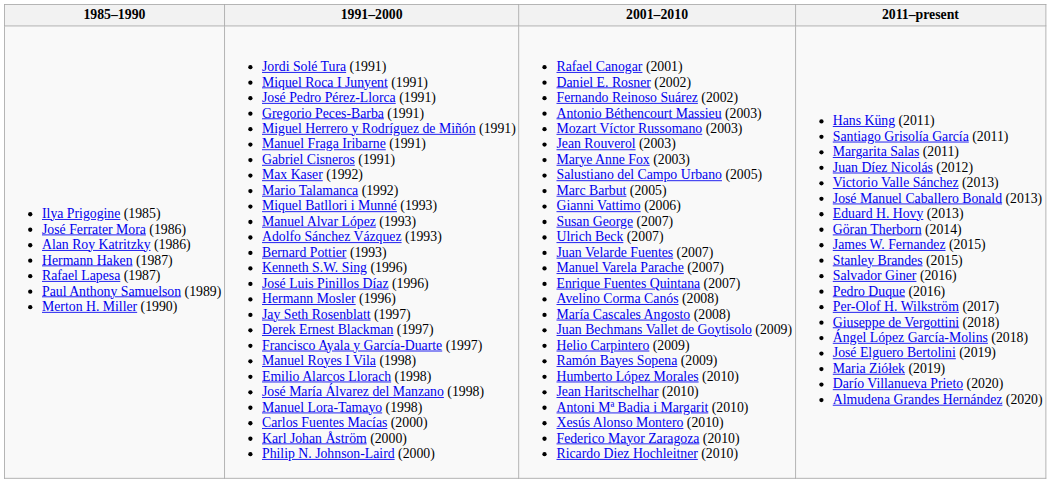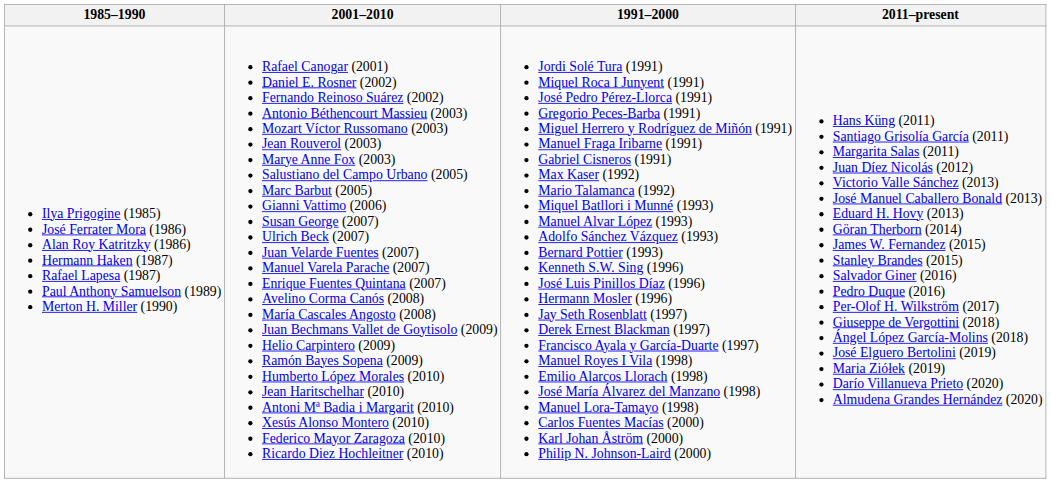 <table class="wikitable">
 <tr>
 <th>1985–1990</th>
+<th>2001–2010</th>
 <th>1991–2000</th>
-<th>2001–2010</th>
 <th>2011–present</th>
 </tr>
 <tr>
 <td><br><ul><li><a href='#'>Ilya Prigogine</a> (1985)</li><li><a href='#'>José Ferrater Mora</a> (1986)</li><li><a href='#'>Alan Roy Katritzky</a> (1986)</li><li><a href='#'>Hermann Haken</a> (1987)</li><li><a href='#'>Rafael Lapesa</a> (1987)</li><li><a href='#'>Paul Anthony Samuelson</a> (1989)</li><li><a href='#'>Merton H. Miller</a> (1990)</li></ul></td>
+<td><br><ul><li><a href='#'>Rafael Canogar</a> (2001)</li><li><a href='#'>Daniel E. Rosner</a> (2002)</li><li><a href='#'>Fernando Reinoso Suárez</a> (2002)</li><li><a href='#'>Antonio Béthencourt Massieu</a> (2003)</li><li><a href='#'>Mozart Víctor Russomano</a> (2003)</li><li><a href='#'>Jean Rouverol</a> (2003)</li><li><a href='#'>Marye Anne Fox</a> (2003)</li><li><a href='#'>Salustiano del Campo Urbano</a> (2005)</li><li><a href='#'>Marc Barbut</a> (2005)</li><li><a href='#'>Gianni Vattimo</a> (2006)</li><li><a href='#'>Susan George</a> (2007)</li><li><a href='#'>Ulrich Beck</a> (2007)</li><li><a href='#'>Juan Velarde Fuentes</a> (2007)</li><li><a href='#'>Manuel Varela Parache</a> (2007)</li><li><a href='#'>Enrique Fuentes Quintana</a> (2007)</li><li><a href='#'>Avelino Corma Canós</a> (2008)</li><li><a href='#'>María Cascales Angosto</a> (2008)</li><li><a href='#'>Juan Bechmans Vallet de Goytisolo</a> (2009)</li><li><a href='#'>Helio Carpintero</a> (2009)</li><li><a href='#'>Ramón Bayes Sopena</a> (2009)</li><li><a href='#'>Humberto López Morales</a> (2010)</li><li><a href='#'>Jean Haritschelhar</a> (2010)</li><li><a href='#'>Antoni Mª Badia i Margarit</a> (2010)</li><li><a href='#'>Xesús Alonso Montero</a> (2010)</li><li><a href='#'>Federico Mayor Zaragoza</a> (2010)</li><li><a href='#'>Ricardo Diez Hochleitner</a> (2010)</li></ul></td>
 <td><br><ul><li><a href='#'>Jordi Solé Tura</a> (1991)</li><li><a href='#'>Miquel Roca I Junyent</a> (1991)</li><li><a href='#'>José Pedro Pérez-Llorca</a> (1991)</li><li><a href='#'>Gregorio Peces-Barba</a> (1991)</li><li><a href='#'>Miguel Herrero y Rodríguez de Miñón</a> (1991)</li><li><a href='#'>Manuel Fraga Iribarne</a> (1991)</li><li><a href='#'>Gabriel Cisneros</a> (1991)</li><li><a href='#'>Max Kaser</a> (1992)</li><li><a href='#'>Mario Talamanca</a> (1992)</li><li><a href='#'>Miquel Batllori i Munné</a> (1993)</li><li><a href='#'>Manuel Alvar López</a> (1993)</li><li><a href='#'>Adolfo Sánchez Vázquez</a> (1993)</li><li><a href='#'>Bernard Pottier</a> (1993)</li><li><a href='#'>Kenneth S.W. Sing</a> (1996)</li><li><a href='#'>José Luis Pinillos Díaz</a> (1996)</li><li><a href='#'>Hermann Mosler</a> (1996)</li><li><a href='#'>Jay Seth Rosenblatt</a> (1997)</li><li><a href='#'>Derek Ernest Blackman</a> (1997)</li><li><a href='#'>Francisco Ayala y García-Duarte</a> (1997)</li><li><a href='#'>Manuel Royes I Vila</a> (1998)</li><li><a href='#'>Emilio Alarcos Llorach</a> (1998)</li><li><a href='#'>José María Álvarez del Manzano</a> (1998)</li><li><a href='#'>Manuel Lora-Tamayo</a> (1998)</li><li><a href='#'>Carlos Fuentes Macías</a> (2000)</li><li><a href='#'>Karl Johan Åström</a> (2000)</li><li><a href='#'>Philip N. Johnson-Laird</a> (2000)</li></ul></td>
-<td><br><ul><li><a href='#'>Rafael Canogar</a> (2001)</li><li><a href='#'>Daniel E. Rosner</a> (2002)</li><li><a href='#'>Fernando Reinoso Suárez</a> (2002)</li><li><a href='#'>Antonio Béthencourt Massieu</a> (2003)</li><li><a href='#'>Mozart Víctor Russomano</a> (2003)</li><li><a href='#'>Jean Rouverol</a> (2003)</li><li><a href='#'>Marye Anne Fox</a> (2003)</li><li><a href='#'>Salustiano del Campo Urbano</a> (2005)</li><li><a href='#'>Marc Barbut</a> (2005)</li><li><a href='#'>Gianni Vattimo</a> (2006)</li><li><a href='#'>Susan George</a> (2007)</li><li><a href='#'>Ulrich Beck</a> (2007)</li><li><a href='#'>Juan Velarde Fuentes</a> (2007)</li><li><a href='#'>Manuel Varela Parache</a> (2007)</li><li><a href='#'>Enrique Fuentes Quintana</a> (2007)</li><li><a href='#'>Avelino Corma Canós</a> (2008)</li><li><a href='#'>María Cascales Angosto</a> (2008)</li><li><a href='#'>Juan Bechmans Vallet de Goytisolo</a> (2009)</li><li><a href='#'>Helio Carpintero</a> (2009)</li><li><a href='#'>Ramón Bayes Sopena</a> (2009)</li><li><a href='#'>Humberto López Morales</a> (2010)</li><li><a href='#'>Jean Haritschelhar</a> (2010)</li><li><a href='#'>Antoni Mª Badia i Margarit</a> (2010)</li><li><a href='#'>Xesús Alonso Montero</a> (2010)</li><li><a href='#'>Federico Mayor Zaragoza</a> (2010)</li><li><a href='#'>Ricardo Diez Hochleitner</a> (2010)</li></ul></td>
 <td><br><ul><li><a href='#'>Hans Küng</a> (2011)</li><li><a href='#'>Santiago Grisolía García</a> (2011)</li><li><a href='#'>Margarita Salas</a> (2011)</li><li><a href='#'>Juan Díez Nicolás</a> (2012)</li><li><a href='#'>Victorio Valle Sánchez</a> (2013)</li><li><a href='#'>José Manuel Caballero Bonald</a> (2013)</li><li><a href='#'>Eduard H. Hovy</a> (2013)</li><li><a href='#'>Göran Therborn</a> (2014)</li><li><a href='#'>James W. Fernandez</a> (2015)</li><li><a href='#'>Stanley Brandes</a> (2015)</li><li><a href='#'>Salvador Giner</a> (2016)</li><li><a href='#'>Pedro Duque</a> (2016)</li><li><a href='#'>Per-Olof H. Wilkström</a> (2017)</li><li><a href='#'>Giuseppe de Vergottini</a> (2018)</li><li><a href='#'>Ángel López García-Molins</a> (2018)</li><li><a href='#'>José Elguero Bertolini</a> (2019)</li><li><a href='#'>Maria Ziółek</a> (2019)</li><li><a href='#'>Darío Villanueva Prieto</a> (2020)</li><li><a href='#'>Almudena Grandes Hernández</a> (2020)</li></ul></td>
 </tr>
 </table>
